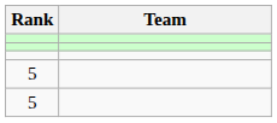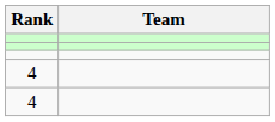 <table class="wikitable" style="text-align: center;">
 <tr>
 <th width=40>Rank</th>
 <th width=180>Team</th>
 </tr>
 <tr bgcolor=#ccffcc align=center>
 <td></td>
 <td style="text-align:left;"></td>
 </tr>
 <tr bgcolor=#ccffcc align=center>
 <td></td>
 <td style="text-align:left;"></td>
 </tr>
 <tr align=center>
 <td></td>
 <td style="text-align:left;"></td>
 </tr>
 <tr align=center>
-<td>5</td>
+<td>4</td>
 <td style="text-align:left;"></td>
 </tr>
 <tr align=center>
-<td>5</td>
+<td>4</td>
 <td style="text-align:left;"></td>
 </tr>
 </table>
